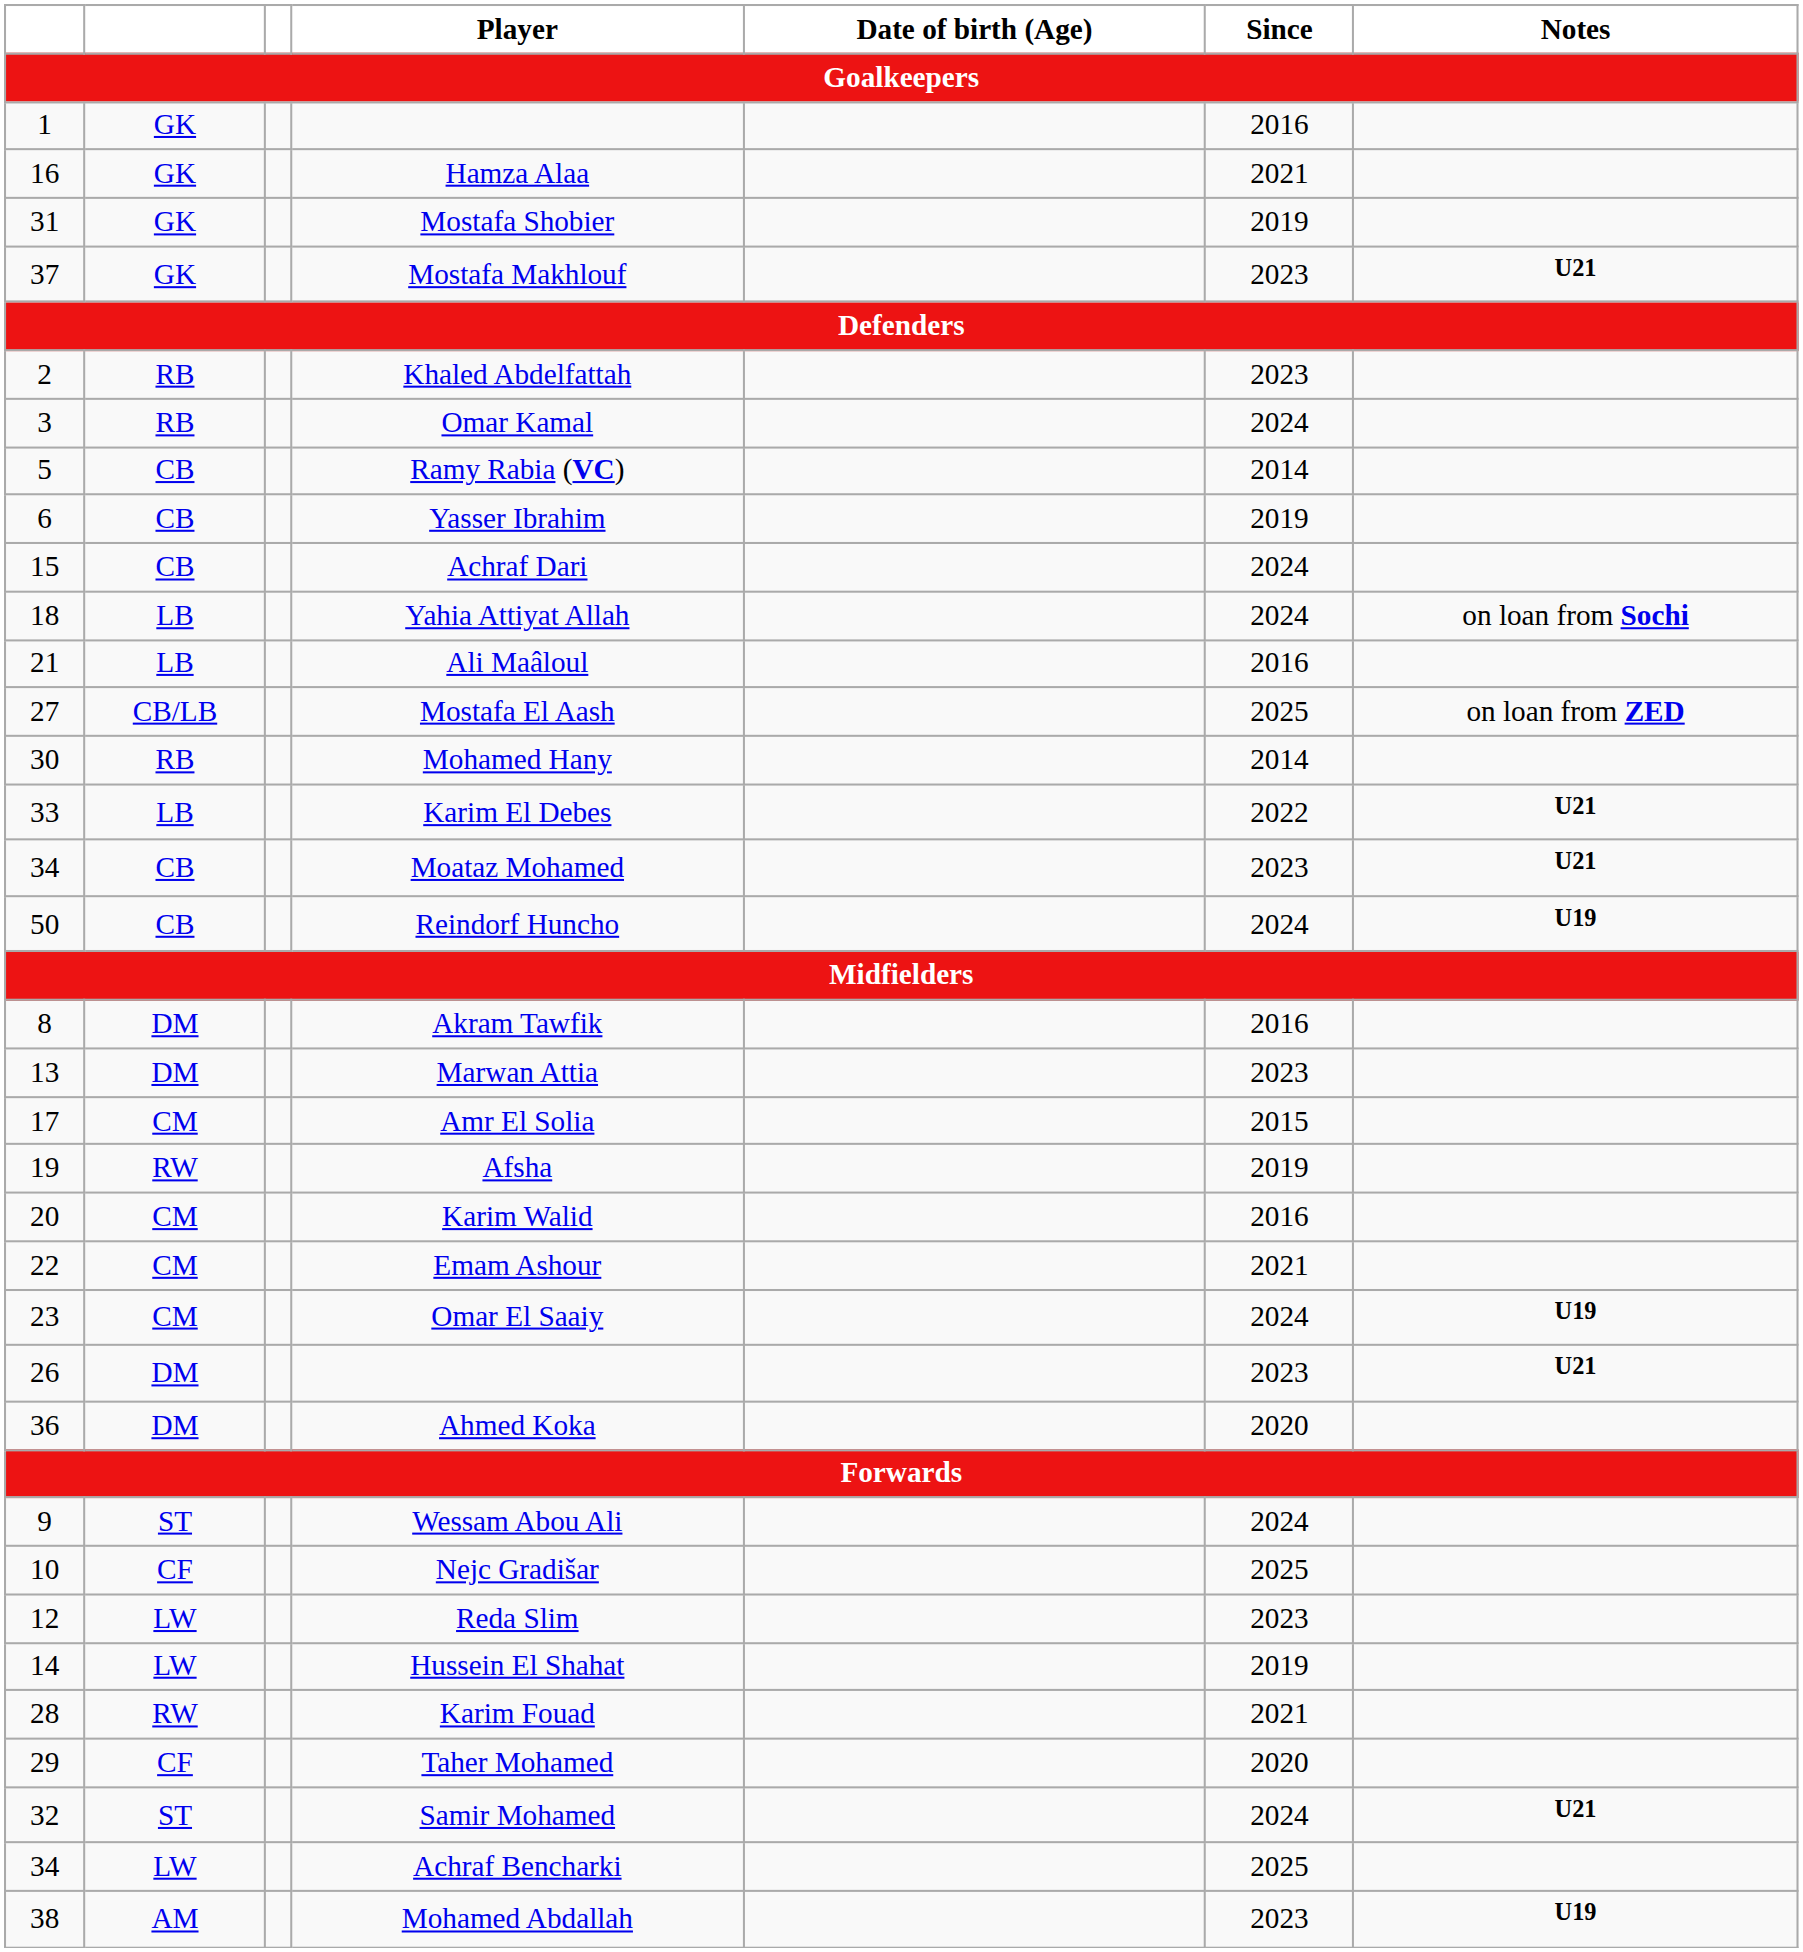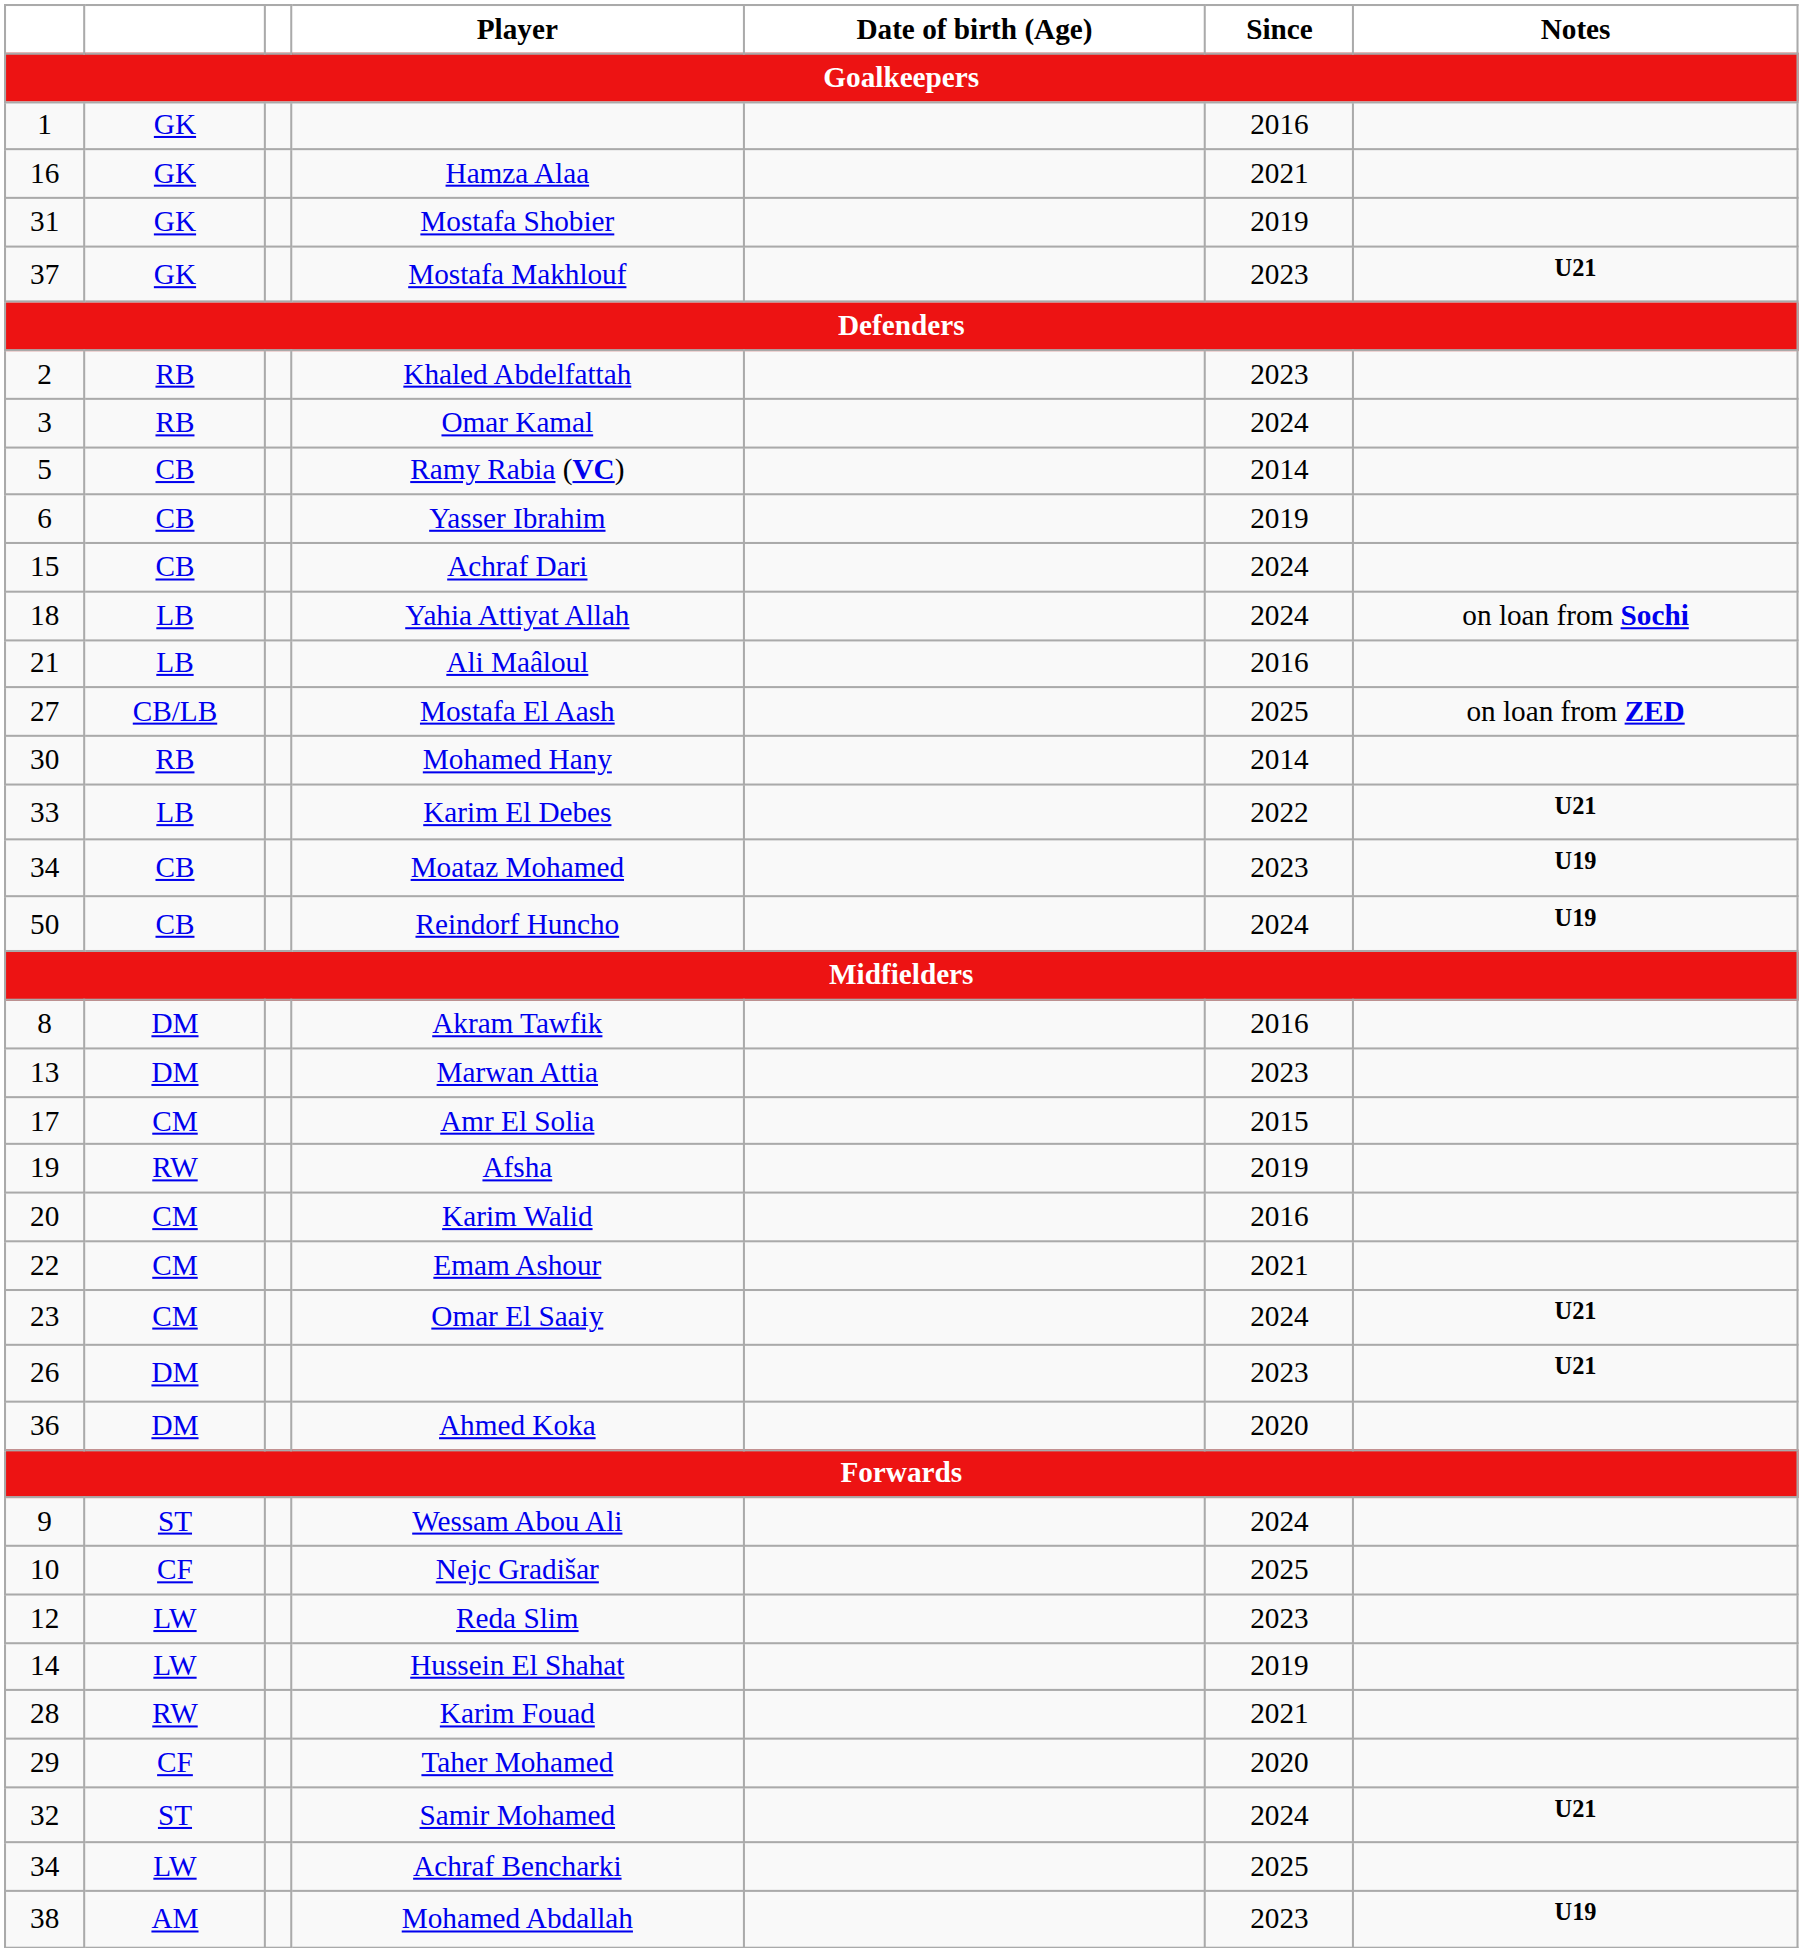 <table class="wikitable" style="text-align:center; font-size:90%; width:100%">
 <tr>
 <th style="background:white; color:black; text-align:center;"></th>
 <th style="background:white; color:black; text-align:center;"></th>
 <th style="background:white; color:black; text-align:center;"></th>
 <th style="background:white; color:black; text-align:center;">Player</th>
 <th style="background:white; color:black; text-align:center;">Date of birth (Age)</th>
 <th style="background:white; color:black; text-align:center;">Since</th>
 <th style="background:white; color:black; text-align:center;">Notes</th>
 </tr>
 <tr>
 <th colspan="12" style="background:#ed1313; color:#FFFFFF; ">Goalkeepers</th>
 </tr>
 <tr>
 <td align=center>1</td>
 <td align=center><a href='#'>GK</a></td>
 <td align=center></td>
 <td align=center></td>
 <td align=center></td>
 <td align=center>2016</td>
 <td></td>
 </tr>
 <tr>
 <td align=center>16</td>
 <td align=center><a href='#'>GK</a></td>
 <td align=center></td>
 <td align=center><a href='#'>Hamza Alaa</a></td>
 <td align=center></td>
 <td align=center>2021</td>
 <td></td>
 </tr>
 <tr>
 <td align=center>31</td>
 <td align=center><a href='#'>GK</a></td>
 <td align=center></td>
 <td align=center><a href='#'>Mostafa Shobier</a></td>
 <td align=center></td>
 <td align=center>2019</td>
 <td></td>
 </tr>
 <tr>
 <td align=center>37</td>
 <td align=center><a href='#'>GK</a></td>
 <td align=center></td>
 <td align=center><a href='#'>Mostafa Makhlouf</a></td>
 <td align=center></td>
 <td align=center>2023</td>
 <td><sup><strong>U21</strong></sup></td>
 </tr>
 <tr>
 <th colspan="12" style="background:#ed1313; color:#FFFFFF; ">Defenders</th>
 </tr>
 <tr>
 <td align=center>2</td>
 <td align=center><a href='#'>RB</a></td>
 <td align=center></td>
 <td align=center><a href='#'>Khaled Abdelfattah</a></td>
 <td align=center></td>
 <td align=center>2023</td>
 <td></td>
 </tr>
 <tr>
 <td align=center>3</td>
 <td align=center><a href='#'>RB</a></td>
 <td align=center></td>
 <td align=center><a href='#'>Omar Kamal</a></td>
 <td align=center></td>
 <td align=center>2024</td>
 <td></td>
 </tr>
 <tr>
 <td align=center>5</td>
 <td align=center><a href='#'>CB</a></td>
 <td align=center></td>
 <td align=center><a href='#'>Ramy Rabia</a> (<strong><a href='#'>VC</a></strong>)</td>
 <td align=center></td>
 <td align=center>2014</td>
 <td></td>
 </tr>
 <tr>
 <td align=center>6</td>
 <td align=center><a href='#'>CB</a></td>
 <td align=center></td>
 <td align=center><a href='#'>Yasser Ibrahim</a></td>
 <td align=center></td>
 <td align=center>2019</td>
 <td></td>
 </tr>
 <tr>
 <td align=center>15</td>
 <td align=center><a href='#'>CB</a></td>
 <td align=center></td>
 <td align=center><a href='#'>Achraf Dari</a></td>
 <td align=center></td>
 <td align=center>2024</td>
 <td></td>
 </tr>
 <tr>
 <td align=center>18</td>
 <td align=center><a href='#'>LB</a></td>
 <td align=center></td>
 <td align=center><a href='#'>Yahia Attiyat Allah</a></td>
 <td align=center></td>
 <td align=center>2024</td>
 <td>on loan from <strong><a href='#'>Sochi</a></strong></td>
 </tr>
 <tr>
 <td align=center>21</td>
 <td align=center><a href='#'>LB</a></td>
 <td align=center></td>
 <td align=center><a href='#'>Ali Maâloul</a></td>
 <td align=center></td>
 <td align=center>2016</td>
 <td></td>
 </tr>
 <tr>
 <td align=center>27</td>
 <td align=center><a href='#'>CB/LB</a></td>
 <td align=center></td>
 <td align=center><a href='#'>Mostafa El Aash</a></td>
 <td align=center></td>
 <td align=center>2025</td>
 <td>on loan from <strong><a href='#'>ZED</a></strong></td>
 </tr>
 <tr>
 <td align=center>30</td>
 <td align=center><a href='#'>RB</a></td>
 <td align=center></td>
 <td align=center><a href='#'>Mohamed Hany</a></td>
 <td align=center></td>
 <td align=center>2014</td>
 <td></td>
 </tr>
 <tr>
 <td align=center>33</td>
 <td align=center><a href='#'>LB</a></td>
 <td align=center></td>
 <td align=center><a href='#'>Karim El Debes</a></td>
 <td align=center></td>
 <td align=center>2022</td>
 <td><sup><strong>U21</strong></sup></td>
 </tr>
 <tr>
 <td align=center>34</td>
 <td align=center><a href='#'>CB</a></td>
 <td align=center></td>
 <td align=center><a href='#'>Moataz Mohamed</a></td>
 <td align=center></td>
 <td align=center>2023</td>
-<td><sup><strong>U21</strong></sup></td>
+<td><sup><strong>U19</strong></sup></td>
 </tr>
 <tr>
 <td align=center>50</td>
 <td align=center><a href='#'>CB</a></td>
 <td align=center></td>
 <td align=center><a href='#'>Reindorf Huncho</a></td>
 <td align=center></td>
 <td align=center>2024</td>
 <td><sup><strong>U19</strong></sup></td>
 </tr>
 <tr>
 <th colspan="12" style="background:#ed1313; color:#FFFFFF; ">Midfielders</th>
 </tr>
 <tr>
 <td align=center>8</td>
 <td align=center><a href='#'>DM</a></td>
 <td align=center></td>
 <td align=center><a href='#'>Akram Tawfik</a></td>
 <td align=center></td>
 <td align=center>2016</td>
 <td></td>
 </tr>
 <tr>
 <td align=center>13</td>
 <td align=center><a href='#'>DM</a></td>
 <td align=center></td>
 <td align=center><a href='#'>Marwan Attia</a></td>
 <td align=center></td>
 <td align=center>2023</td>
 <td></td>
 </tr>
 <tr>
 <td align=center>17</td>
 <td align=center><a href='#'>CM</a></td>
 <td align=center></td>
 <td align=center><a href='#'>Amr El Solia</a></td>
 <td align=center></td>
 <td align=center>2015</td>
 <td></td>
 </tr>
 <tr>
 <td align=center>19</td>
 <td align=center><a href='#'>RW</a></td>
 <td align=center></td>
 <td align=center><a href='#'>Afsha</a></td>
 <td align=center></td>
 <td align=center>2019</td>
 <td></td>
 </tr>
 <tr>
 <td align=center>20</td>
 <td align=center><a href='#'>CM</a></td>
 <td align=center></td>
 <td align=center><a href='#'>Karim Walid</a></td>
 <td align=center></td>
 <td align=center>2016</td>
 <td></td>
 </tr>
 <tr>
 <td align=center>22</td>
 <td align=center><a href='#'>CM</a></td>
 <td align=center></td>
 <td align=center><a href='#'>Emam Ashour</a></td>
 <td align=center></td>
 <td align=center>2021</td>
 <td></td>
 </tr>
 <tr>
 <td align=center>23</td>
 <td align=center><a href='#'>CM</a></td>
 <td align=center></td>
 <td align=center><a href='#'>Omar El Saaiy</a></td>
 <td align=center></td>
 <td align=center>2024</td>
-<td><sup><strong>U19</strong></sup></td>
+<td><sup><strong>U21</strong></sup></td>
 </tr>
 <tr>
 <td align=center>26</td>
 <td align=center><a href='#'>DM</a></td>
 <td align=center></td>
 <td align=center></td>
 <td align=center></td>
 <td align=center>2023</td>
 <td><sup><strong>U21</strong></sup></td>
 </tr>
 <tr>
 <td align=center>36</td>
 <td align=center><a href='#'>DM</a></td>
 <td align=center></td>
 <td align=center><a href='#'>Ahmed Koka</a></td>
 <td align=center></td>
 <td align=center>2020</td>
 <td></td>
 </tr>
 <tr>
 <th colspan="12" style="background:#ed1313; color:#FFFFFF; ">Forwards</th>
 </tr>
 <tr>
 <td align=center>9</td>
 <td align=center><a href='#'>ST</a></td>
 <td align=center></td>
 <td align=center><a href='#'>Wessam Abou Ali</a></td>
 <td align=center></td>
 <td align=center>2024</td>
 <td></td>
 </tr>
 <tr>
 <td align=center>10</td>
 <td align=center><a href='#'>CF</a></td>
 <td align=center></td>
 <td align=center><a href='#'>Nejc Gradišar</a></td>
 <td align=center></td>
 <td align=center>2025</td>
 <td></td>
 </tr>
 <tr>
 <td align=center>12</td>
 <td align=center><a href='#'>LW</a></td>
 <td align=center></td>
 <td align=center><a href='#'>Reda Slim</a></td>
 <td align=center></td>
 <td align=center>2023</td>
 <td></td>
 </tr>
 <tr>
 <td align=center>14</td>
 <td align=center><a href='#'>LW</a></td>
 <td align=center></td>
 <td align=center><a href='#'>Hussein El Shahat</a></td>
 <td align=center></td>
 <td align=center>2019</td>
 <td></td>
 </tr>
 <tr>
 <td align=center>28</td>
 <td align=center><a href='#'>RW</a></td>
 <td align=center></td>
 <td align=center><a href='#'>Karim Fouad</a></td>
 <td align=center></td>
 <td align=center>2021</td>
 <td></td>
 </tr>
 <tr>
 <td align=center>29</td>
 <td align=center><a href='#'>CF</a></td>
 <td align=center></td>
 <td align=center><a href='#'>Taher Mohamed</a></td>
 <td align=center></td>
 <td align=center>2020</td>
 <td></td>
 </tr>
 <tr>
 <td align=center>32</td>
 <td align=center><a href='#'>ST</a></td>
 <td align=center></td>
 <td align=center><a href='#'>Samir Mohamed</a></td>
 <td align=center></td>
 <td align=center>2024</td>
 <td><sup><strong>U21</strong></sup></td>
 </tr>
 <tr>
 <td align=center>34</td>
 <td align=center><a href='#'>LW</a></td>
 <td align=center></td>
 <td align=center><a href='#'>Achraf Bencharki</a></td>
 <td align=center></td>
 <td align=center>2025</td>
 <td></td>
 </tr>
 <tr>
 <td align=center>38</td>
 <td align=center><a href='#'>AM</a></td>
 <td align=center></td>
 <td align=center><a href='#'>Mohamed Abdallah</a></td>
 <td align=center></td>
 <td align=center>2023</td>
 <td><sup><strong>U19</strong></sup></td>
 </tr>
 </table>
